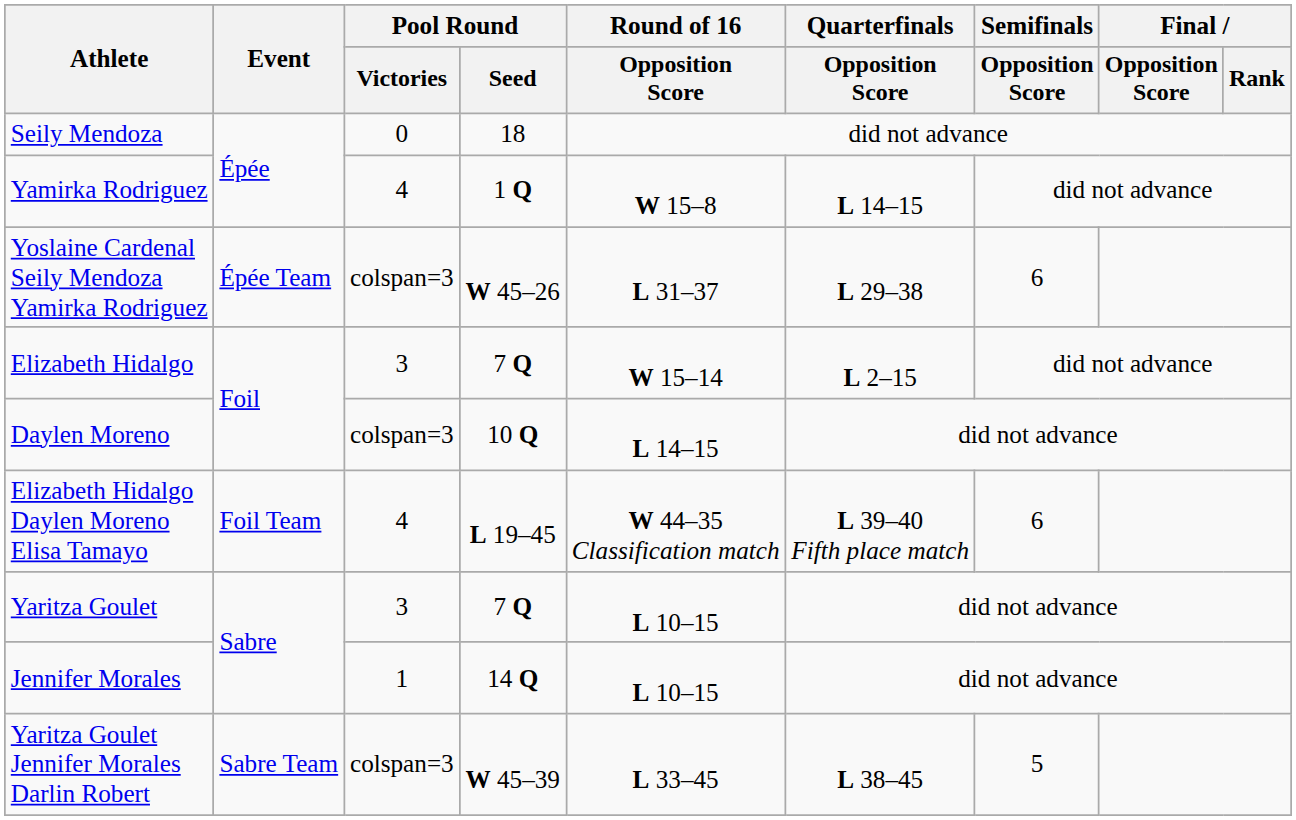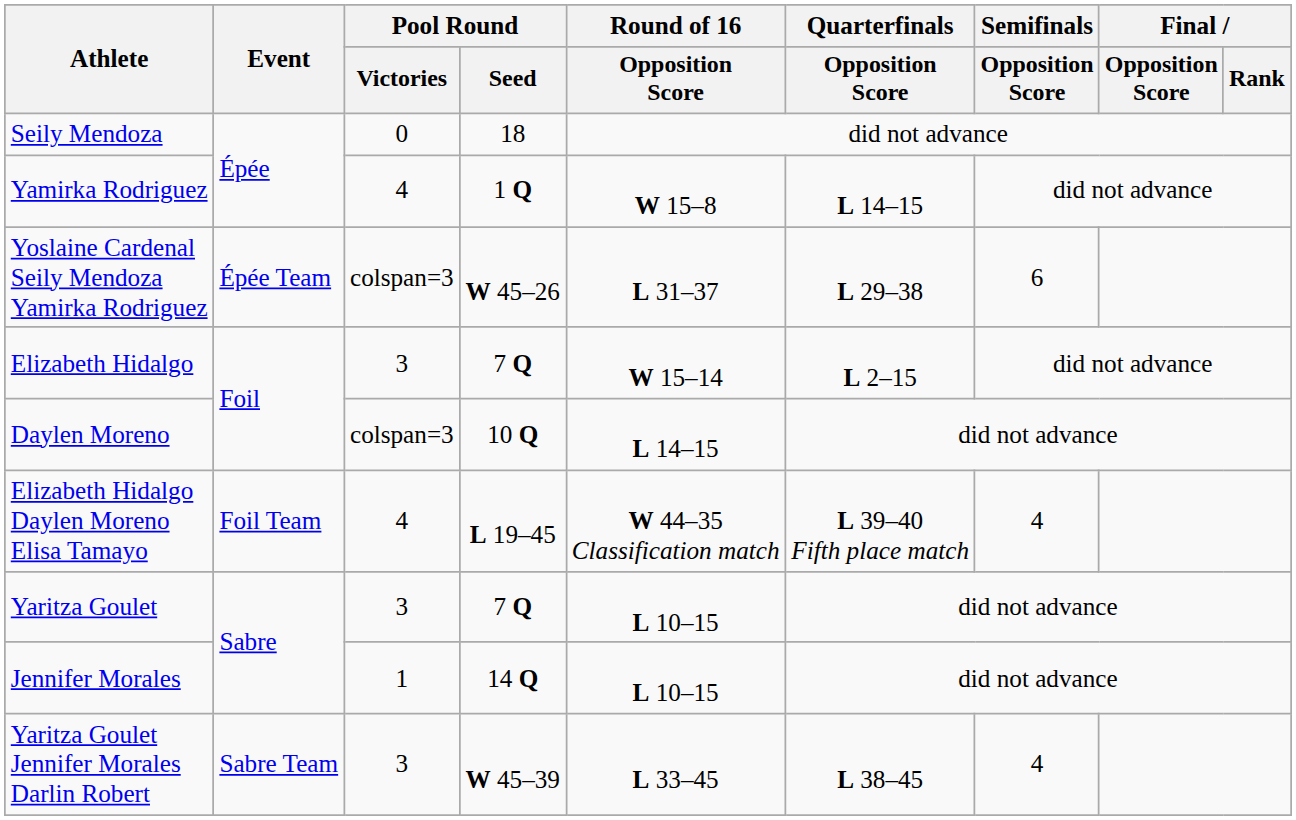 <table class=wikitable style="font-size:90%">
 <tr>
 <th rowspan="2">Athlete</th>
 <th rowspan="2">Event</th>
 <th colspan=2>Pool Round</th>
 <th>Round of 16</th>
 <th>Quarterfinals</th>
 <th>Semifinals</th>
 <th colspan=2>Final / </th>
 </tr>
 <tr style="font-size:95%">
 <th>Victories</th>
 <th>Seed</th>
 <th>Opposition<br>Score</th>
 <th>Opposition<br>Score</th>
 <th>Opposition<br>Score</th>
 <th>Opposition<br>Score</th>
 <th>Rank</th>
 </tr>
 <tr align=center>
 <td align=left><a href='#'>Seily Mendoza</a></td>
 <td align=left rowspan=2><a href='#'>Épée</a></td>
 <td>0</td>
 <td>18</td>
 <td colspan=5>did not advance</td>
 </tr>
 <tr align=center>
 <td align=left><a href='#'>Yamirka Rodriguez</a></td>
 <td>4</td>
 <td>1 <strong>Q</strong></td>
 <td><br><strong>W</strong> 15–8</td>
 <td><br><strong>L</strong> 14–15</td>
 <td colspan=3>did not advance</td>
 </tr>
 <tr align=center>
 <td align=left><a href='#'>Yoslaine Cardenal</a><br><a href='#'>Seily Mendoza</a><br><a href='#'>Yamirka Rodriguez</a></td>
 <td align=left><a href='#'>Épée Team</a></td>
 <td>colspan=3 </td>
 <td><br><strong>W</strong> 45–26</td>
 <td><br><strong>L</strong> 31–37</td>
 <td><br><strong>L</strong> 29–38</td>
 <td>6</td>
 </tr>
 <tr align=center>
 <td align=left><a href='#'>Elizabeth Hidalgo</a></td>
 <td align=left rowspan=2><a href='#'>Foil</a></td>
 <td>3</td>
 <td>7 <strong>Q</strong></td>
 <td><br><strong>W</strong> 15–14</td>
 <td><br><strong>L</strong> 2–15</td>
 <td colspan=3>did not advance</td>
 </tr>
 <tr align=center>
 <td align=left><a href='#'>Daylen Moreno</a></td>
 <td>colspan=3 </td>
 <td>10 <strong>Q</strong></td>
 <td><br><strong>L</strong> 14–15</td>
 <td colspan=4>did not advance</td>
 </tr>
 <tr align=center>
 <td align=left><a href='#'>Elizabeth Hidalgo</a><br><a href='#'>Daylen Moreno</a><br><a href='#'>Elisa Tamayo</a></td>
 <td align=left><a href='#'>Foil Team</a></td>
 <td>4</td>
 <td><br><strong>L</strong> 19–45</td>
 <td><br><strong>W</strong> 44–35<br><em>Classification match</em></td>
 <td><br><strong>L</strong> 39–40<br><em>Fifth place match</em></td>
-<td>6</td>
+<td>4</td>
 </tr>
 <tr align=center>
 <td align=left><a href='#'>Yaritza Goulet</a></td>
 <td align=left rowspan=2><a href='#'>Sabre</a></td>
 <td>3</td>
 <td>7 <strong>Q</strong></td>
 <td><br><strong>L</strong> 10–15</td>
 <td colspan=4>did not advance</td>
 </tr>
 <tr align=center>
 <td align=left><a href='#'>Jennifer Morales</a></td>
 <td>1</td>
 <td>14 <strong>Q</strong></td>
 <td><br><strong>L</strong> 10–15</td>
 <td colspan=4>did not advance</td>
 </tr>
 <tr align=center>
 <td align=left><a href='#'>Yaritza Goulet</a><br><a href='#'>Jennifer Morales</a><br><a href='#'>Darlin Robert</a></td>
 <td align=left><a href='#'>Sabre Team</a></td>
-<td>colspan=3 </td>
+<td>3</td>
 <td><br><strong>W</strong> 45–39</td>
 <td><br><strong>L</strong> 33–45</td>
 <td><br><strong>L</strong> 38–45</td>
-<td>5</td>
+<td>4</td>
 </tr>
 </table>
